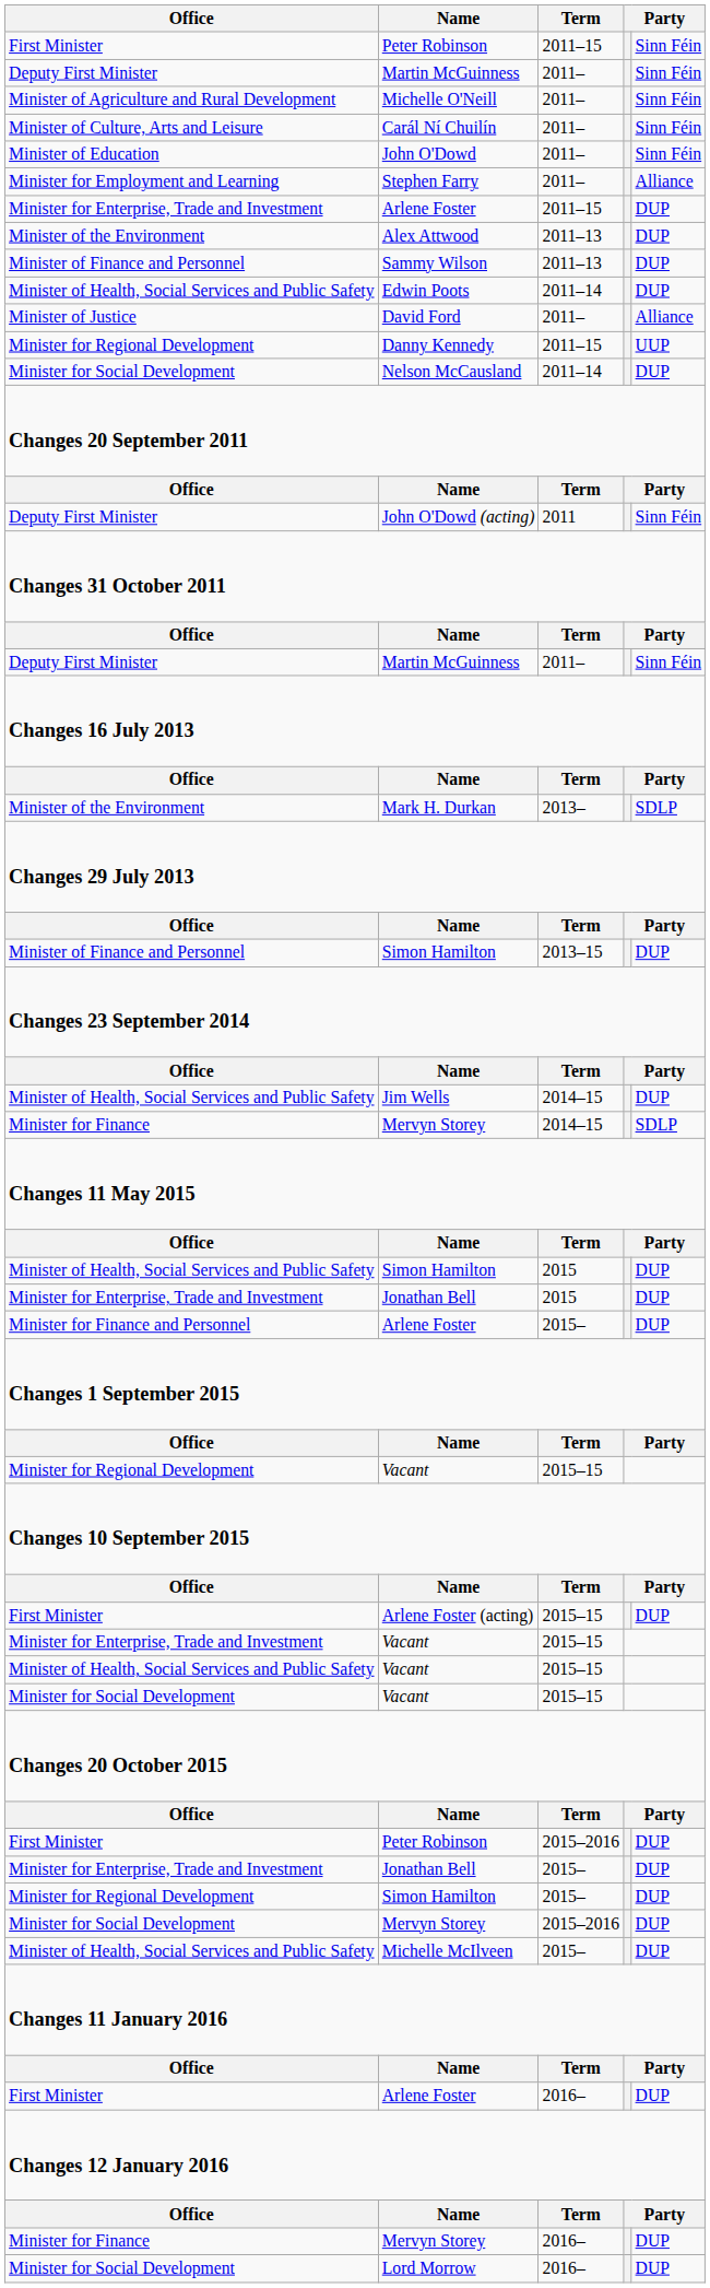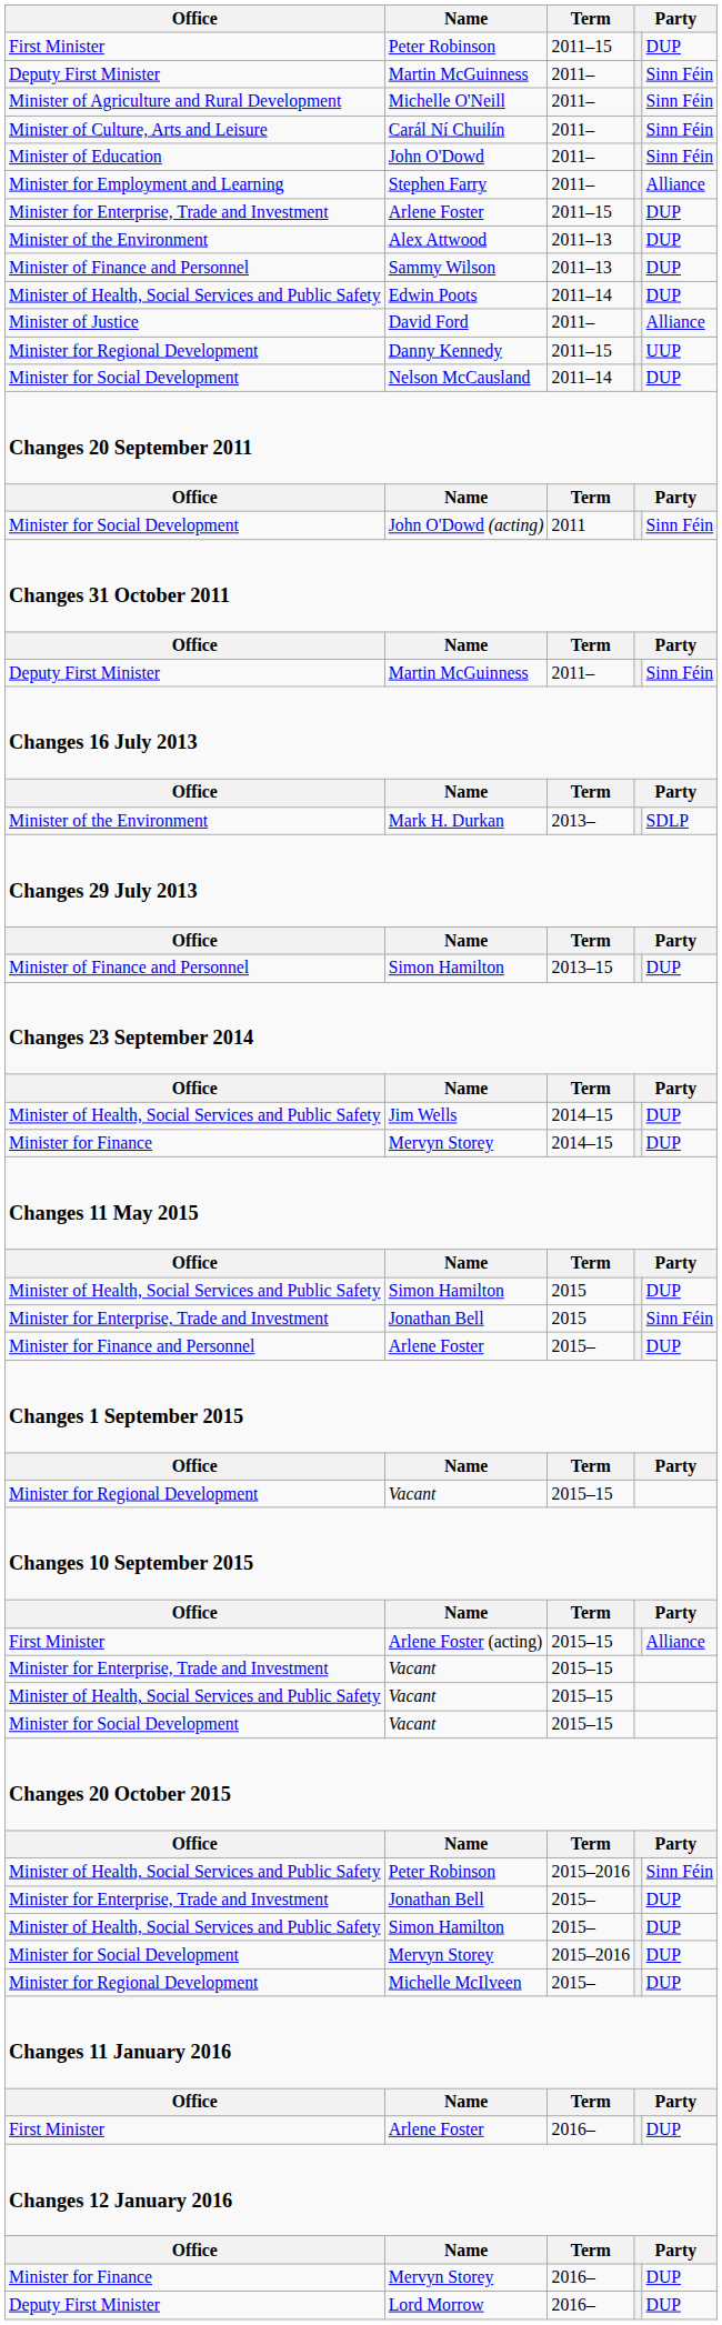 <table class="wikitable">
 <tr>
 <th>Office</th>
 <th>Name</th>
 <th>Term</th>
 <th colspan="2">Party</th>
 </tr>
 <tr>
 <td><a href='#'>First Minister</a></td>
 <td><a href='#'>Peter Robinson</a></td>
 <td>2011–15</td>
 <th style="background-color: "></th>
-<td><a href='#'>Sinn Féin</a></td>
+<td><a href='#'>DUP</a></td>
 </tr>
 <tr>
 <td><a href='#'>Deputy First Minister</a></td>
 <td><a href='#'>Martin McGuinness</a></td>
 <td>2011–</td>
 <th style="background-color: "></th>
 <td><a href='#'>Sinn Féin</a></td>
 </tr>
 <tr>
 <td><a href='#'>Minister of Agriculture and Rural Development</a></td>
 <td><a href='#'>Michelle O'Neill</a></td>
 <td>2011–</td>
 <th style="background-color: "></th>
 <td><a href='#'>Sinn Féin</a></td>
 </tr>
 <tr>
 <td><a href='#'>Minister of Culture, Arts and Leisure</a></td>
 <td><a href='#'>Carál Ní Chuilín</a></td>
 <td>2011–</td>
 <th style="background-color: "></th>
 <td><a href='#'>Sinn Féin</a></td>
 </tr>
 <tr>
 <td><a href='#'>Minister of Education</a></td>
 <td><a href='#'>John O'Dowd</a>  </td>
 <td>2011–</td>
 <th style="background-color: "></th>
 <td><a href='#'>Sinn Féin</a></td>
 </tr>
 <tr>
 <td><a href='#'>Minister for Employment and Learning</a></td>
 <td><a href='#'>Stephen Farry</a></td>
 <td>2011–</td>
 <th style="background-color: "></th>
 <td><a href='#'>Alliance</a></td>
 </tr>
 <tr>
 <td><a href='#'>Minister for Enterprise, Trade and Investment</a></td>
 <td><a href='#'>Arlene Foster</a></td>
 <td>2011–15</td>
 <th style="background-color: "></th>
 <td><a href='#'>DUP</a></td>
 </tr>
 <tr>
 <td><a href='#'>Minister of the Environment</a></td>
 <td><a href='#'>Alex Attwood</a></td>
 <td>2011–13</td>
 <th style="background-color: "></th>
 <td><a href='#'>DUP</a></td>
 </tr>
 <tr>
 <td><a href='#'>Minister of Finance and Personnel</a></td>
 <td><a href='#'>Sammy Wilson</a></td>
 <td>2011–13</td>
 <th style="background-color: "></th>
 <td><a href='#'>DUP</a></td>
 </tr>
 <tr>
 <td><a href='#'>Minister of Health, Social Services and Public Safety</a></td>
 <td><a href='#'>Edwin Poots</a></td>
 <td>2011–14</td>
 <th style="background-color: "></th>
 <td><a href='#'>DUP</a></td>
 </tr>
 <tr>
 <td><a href='#'>Minister of Justice</a></td>
 <td><a href='#'>David Ford</a></td>
 <td>2011–</td>
 <th style="background-color: "></th>
 <td><a href='#'>Alliance</a></td>
 </tr>
 <tr>
 <td><a href='#'>Minister for Regional Development</a></td>
 <td><a href='#'>Danny Kennedy</a></td>
 <td>2011–15</td>
 <th style="background-color: "></th>
 <td><a href='#'>UUP</a></td>
 </tr>
 <tr>
 <td><a href='#'>Minister for Social Development</a></td>
 <td><a href='#'>Nelson McCausland</a></td>
 <td>2011–14</td>
 <th style="background-color: "></th>
 <td><a href='#'>DUP</a></td>
 </tr>
 <tr>
 <td colspan="5"><br><h3>Changes 20 September 2011</h3></td>
 </tr>
 <tr>
 <th>Office</th>
 <th>Name</th>
 <th>Term</th>
 <th colspan="2">Party</th>
 </tr>
 <tr>
-<td><a href='#'>Deputy First Minister</a></td>
+<td><a href='#'>Minister for Social Development</a></td>
 <td><a href='#'>John O'Dowd</a> <em>(acting)</em> </td>
 <td>2011</td>
 <th style="background-color: "></th>
 <td><a href='#'>Sinn Féin</a></td>
 </tr>
 <tr>
 <td colspan="5"><br><h3>Changes 31 October 2011</h3></td>
 </tr>
 <tr>
 <th>Office</th>
 <th>Name</th>
 <th>Term</th>
 <th colspan="2">Party</th>
 </tr>
 <tr>
 <td><a href='#'>Deputy First Minister</a></td>
 <td><a href='#'>Martin McGuinness</a></td>
 <td>2011–</td>
 <th style="background-color: "></th>
 <td><a href='#'>Sinn Féin</a></td>
 </tr>
 <tr>
 <td colspan="5"><br><h3>Changes 16 July 2013</h3></td>
 </tr>
 <tr>
 <th>Office</th>
 <th>Name</th>
 <th>Term</th>
 <th colspan="2">Party</th>
 </tr>
 <tr>
 <td><a href='#'>Minister of the Environment</a></td>
 <td><a href='#'>Mark H. Durkan</a></td>
 <td>2013–</td>
 <th style="background-color: "></th>
 <td><a href='#'>SDLP</a></td>
 </tr>
 <tr>
 <td colspan="5"><br><h3>Changes 29 July 2013</h3></td>
 </tr>
 <tr>
 <th>Office</th>
 <th>Name</th>
 <th>Term</th>
 <th colspan="2">Party</th>
 </tr>
 <tr>
 <td><a href='#'>Minister of Finance and Personnel</a></td>
 <td><a href='#'>Simon Hamilton</a></td>
 <td>2013–15</td>
 <th style="background-color: "></th>
 <td><a href='#'>DUP</a></td>
 </tr>
 <tr>
 <td colspan="5"><br><h3>Changes 23 September 2014</h3></td>
 </tr>
 <tr>
 <th>Office</th>
 <th>Name</th>
 <th>Term</th>
 <th colspan="2">Party</th>
 </tr>
 <tr>
 <td><a href='#'>Minister of Health, Social Services and Public Safety</a></td>
 <td><a href='#'>Jim Wells</a></td>
 <td>2014–15</td>
 <th style="background-color: "></th>
 <td><a href='#'>DUP</a></td>
 </tr>
 <tr>
 <td><a href='#'>Minister for Finance</a></td>
 <td><a href='#'>Mervyn Storey</a></td>
 <td>2014–15</td>
 <th style="background-color: "></th>
-<td><a href='#'>SDLP</a></td>
+<td><a href='#'>DUP</a></td>
 </tr>
 <tr>
 <td colspan="5"><br><h3>Changes 11 May 2015</h3></td>
 </tr>
 <tr>
 <th>Office</th>
 <th>Name</th>
 <th>Term</th>
 <th colspan="3">Party</th>
 </tr>
 <tr>
 <td><a href='#'>Minister of Health, Social Services and Public Safety</a></td>
 <td><a href='#'>Simon Hamilton</a></td>
 <td>2015</td>
 <th style="background-color: "></th>
 <td><a href='#'>DUP</a></td>
 </tr>
 <tr>
 <td><a href='#'>Minister for Enterprise, Trade and Investment</a></td>
 <td><a href='#'>Jonathan Bell</a></td>
 <td>2015</td>
 <th style="background-color: "></th>
-<td><a href='#'>DUP</a></td>
+<td><a href='#'>Sinn Féin</a></td>
 </tr>
 <tr>
 <td><a href='#'>Minister for Finance and Personnel</a></td>
 <td><a href='#'>Arlene Foster</a></td>
 <td>2015–</td>
 <th style="background-color: "></th>
 <td><a href='#'>DUP</a></td>
 </tr>
 <tr>
 <td colspan="5"><br><h3>Changes 1 September 2015</h3></td>
 </tr>
 <tr>
 <th>Office</th>
 <th>Name</th>
 <th>Term</th>
 <th colspan="2">Party</th>
 </tr>
 <tr>
 <td><a href='#'>Minister for Regional Development</a></td>
 <td><em>Vacant</em></td>
 <td>2015–15</td>
 <td colspan=2></td>
 </tr>
 <tr>
 <td colspan="5"><br><h3>Changes 10 September 2015</h3></td>
 </tr>
 <tr>
 <th>Office</th>
 <th>Name</th>
 <th>Term</th>
 <th colspan="2">Party</th>
 </tr>
 <tr>
 <td><a href='#'>First Minister</a></td>
 <td><a href='#'>Arlene Foster</a> (acting) </td>
 <td>2015–15</td>
 <th style="background-color: "></th>
-<td><a href='#'>DUP</a></td>
+<td><a href='#'>Alliance</a></td>
 </tr>
 <tr>
 <td><a href='#'>Minister for Enterprise, Trade and Investment</a></td>
 <td><em>Vacant</em> </td>
 <td>2015–15</td>
 <td colspan=2></td>
 </tr>
 <tr>
 <td><a href='#'>Minister of Health, Social Services and Public Safety</a></td>
 <td><em>Vacant</em> </td>
 <td>2015–15</td>
 <td colspan=2></td>
 </tr>
 <tr>
 <td><a href='#'>Minister for Social Development</a></td>
 <td><em>Vacant</em> </td>
 <td>2015–15</td>
 <td colspan=2></td>
 </tr>
 <tr>
 <td colspan="5"><br><h3>Changes 20 October 2015</h3></td>
 </tr>
 <tr>
 <th>Office</th>
 <th>Name</th>
 <th>Term</th>
 <th colspan="2">Party</th>
 </tr>
 <tr>
-<td><a href='#'>First Minister</a></td>
+<td><a href='#'>Minister of Health, Social Services and Public Safety</a></td>
 <td><a href='#'>Peter Robinson</a></td>
 <td>2015–2016</td>
 <th style="background-color: "></th>
-<td><a href='#'>DUP</a></td>
+<td><a href='#'>Sinn Féin</a></td>
 </tr>
 <tr>
 <td><a href='#'>Minister for Enterprise, Trade and Investment</a></td>
 <td><a href='#'>Jonathan Bell</a></td>
 <td>2015–</td>
 <th style="background-color: "></th>
 <td><a href='#'>DUP</a></td>
 </tr>
 <tr>
-<td><a href='#'>Minister for Regional Development</a></td>
+<td><a href='#'>Minister of Health, Social Services and Public Safety</a></td>
 <td><a href='#'>Simon Hamilton</a></td>
 <td>2015–</td>
 <th style="background-color: "></th>
 <td><a href='#'>DUP</a></td>
 </tr>
 <tr>
 <td><a href='#'>Minister for Social Development</a></td>
 <td><a href='#'>Mervyn Storey</a></td>
 <td>2015–2016</td>
 <th style="background-color: "></th>
 <td><a href='#'>DUP</a></td>
 </tr>
 <tr>
-<td><a href='#'>Minister of Health, Social Services and Public Safety</a></td>
+<td><a href='#'>Minister for Regional Development</a></td>
 <td><a href='#'>Michelle McIlveen</a></td>
 <td>2015–</td>
 <th style="background-color: "></th>
 <td><a href='#'>DUP</a></td>
 </tr>
 <tr>
 <td colspan="5"><br><h3>Changes 11 January 2016</h3></td>
 </tr>
 <tr>
 <th>Office</th>
 <th>Name</th>
 <th>Term</th>
 <th colspan="2">Party</th>
 </tr>
 <tr>
 <td><a href='#'>First Minister</a></td>
 <td><a href='#'>Arlene Foster</a></td>
 <td>2016–</td>
 <th style="background-color: "></th>
 <td><a href='#'>DUP</a></td>
 </tr>
 <tr>
 <td colspan="5"><br><h3>Changes 12 January 2016</h3></td>
 </tr>
 <tr>
 <th>Office</th>
 <th>Name</th>
 <th>Term</th>
 <th colspan="2">Party</th>
 </tr>
 <tr>
 <td><a href='#'>Minister for Finance</a></td>
 <td><a href='#'>Mervyn Storey</a></td>
 <td>2016–</td>
 <th style="background-color: "></th>
 <td><a href='#'>DUP</a></td>
 </tr>
 <tr>
-<td><a href='#'>Minister for Social Development</a></td>
+<td><a href='#'>Deputy First Minister</a></td>
 <td><a href='#'>Lord Morrow</a></td>
 <td>2016–</td>
 <th style="background-color: "></th>
 <td><a href='#'>DUP</a></td>
 </tr>
 </table>
